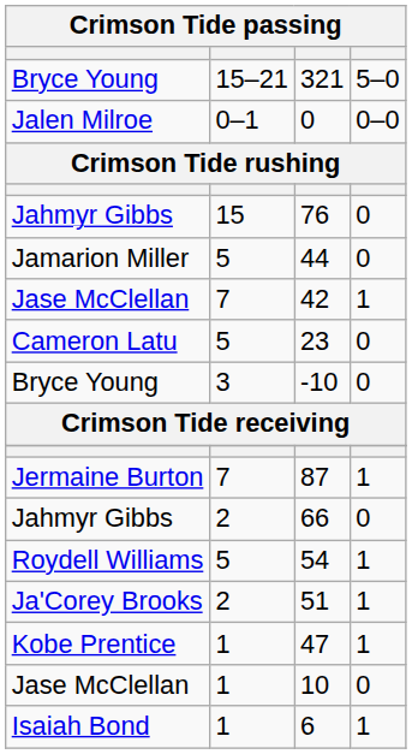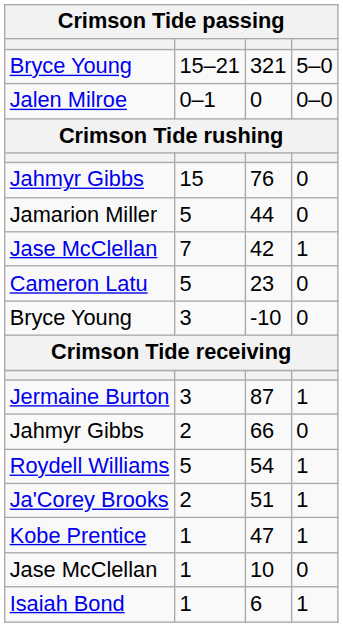 <table class="wikitable plainrowheaders">
 <tr>
 <th colspan="6">Crimson Tide passing</th>
 </tr>
 <tr>
 <th scope="col"></th>
 <th scope="col"></th>
 <th scope="col"></th>
 <th scope="col"></th>
 </tr>
 <tr>
 <td><a href='#'>Bryce Young</a></td>
 <td>15–21</td>
 <td>321</td>
 <td>5–0</td>
 </tr>
 <tr>
 <td><a href='#'>Jalen Milroe</a></td>
 <td>0–1</td>
 <td>0</td>
 <td>0–0</td>
 </tr>
 <tr>
 <th colspan="6">Crimson Tide rushing</th>
 </tr>
 <tr>
 <th scope="col"></th>
 <th scope="col"></th>
 <th scope="col"></th>
 <th scope="col"></th>
 </tr>
 <tr>
 <td><a href='#'>Jahmyr Gibbs</a></td>
 <td>15</td>
 <td>76</td>
 <td>0</td>
 </tr>
 <tr>
 <td>Jamarion Miller</td>
 <td>5</td>
 <td>44</td>
 <td>0</td>
 </tr>
 <tr>
 <td><a href='#'>Jase McClellan</a></td>
 <td>7</td>
 <td>42</td>
 <td>1</td>
 </tr>
 <tr>
 <td><a href='#'>Cameron Latu</a></td>
 <td>5</td>
 <td>23</td>
 <td>0</td>
 </tr>
 <tr>
 <td>Bryce Young</td>
 <td>3</td>
 <td>-10</td>
 <td>0</td>
 </tr>
 <tr>
 <th colspan="6">Crimson Tide receiving</th>
 </tr>
 <tr>
 </tr>
 <tr>
 <th scope="col"></th>
 <th scope="col"></th>
 <th scope="col"></th>
 <th scope="col"></th>
 </tr>
 <tr>
 <td><a href='#'>Jermaine Burton</a></td>
-<td>7</td>
+<td>3</td>
 <td>87</td>
 <td>1</td>
 </tr>
 <tr>
 <td>Jahmyr Gibbs</td>
 <td>2</td>
 <td>66</td>
 <td>0</td>
 </tr>
 <tr>
 <td><a href='#'>Roydell Williams</a></td>
 <td>5</td>
 <td>54</td>
 <td>1</td>
 </tr>
 <tr>
 <td><a href='#'>Ja'Corey Brooks</a></td>
 <td>2</td>
 <td>51</td>
 <td>1</td>
 </tr>
 <tr>
 <td><a href='#'>Kobe Prentice</a></td>
 <td>1</td>
 <td>47</td>
 <td>1</td>
 </tr>
 <tr>
 <td>Jase McClellan</td>
 <td>1</td>
 <td>10</td>
 <td>0</td>
 </tr>
 <tr>
 <td><a href='#'>Isaiah Bond</a></td>
 <td>1</td>
 <td>6</td>
 <td>1</td>
 </tr>
 </table>
